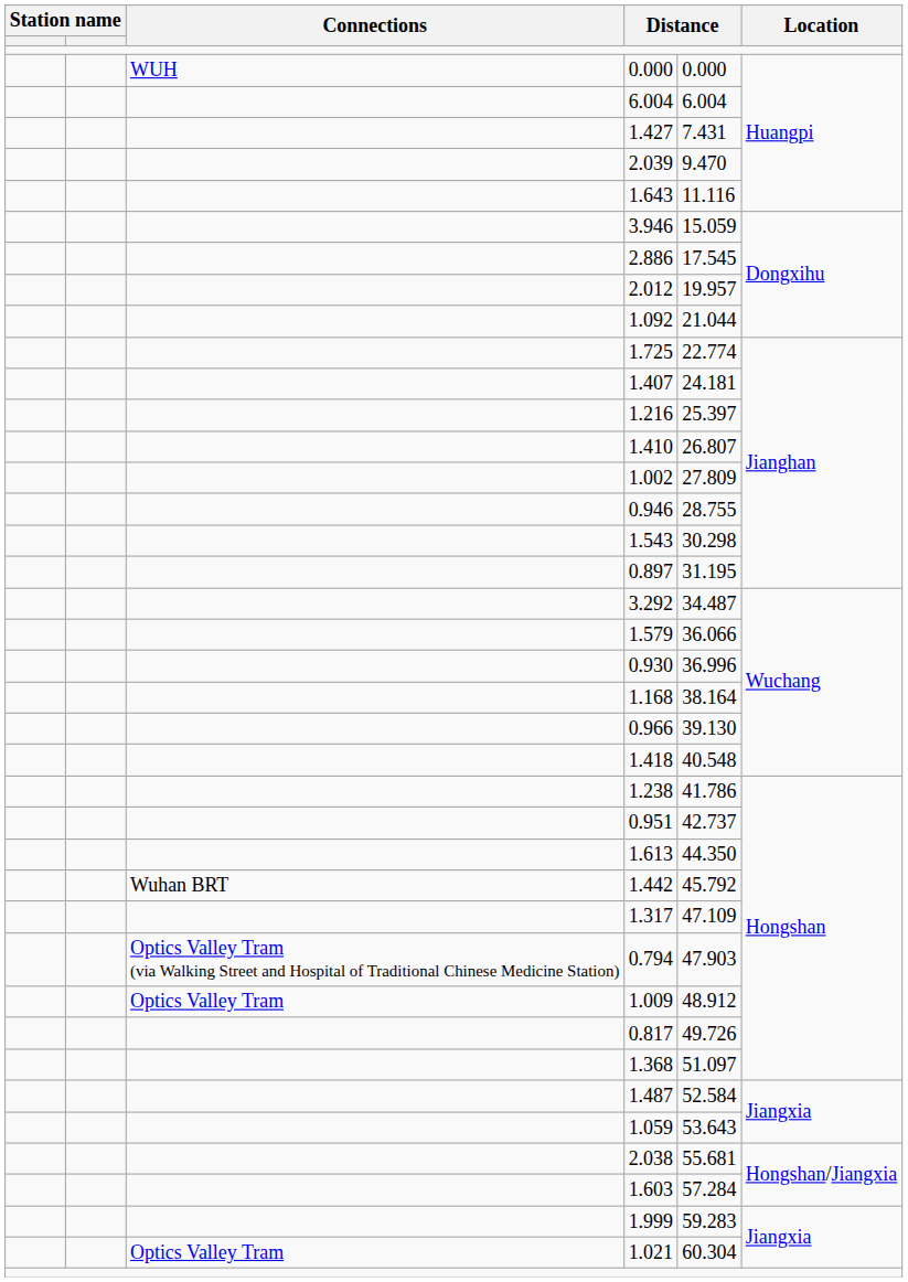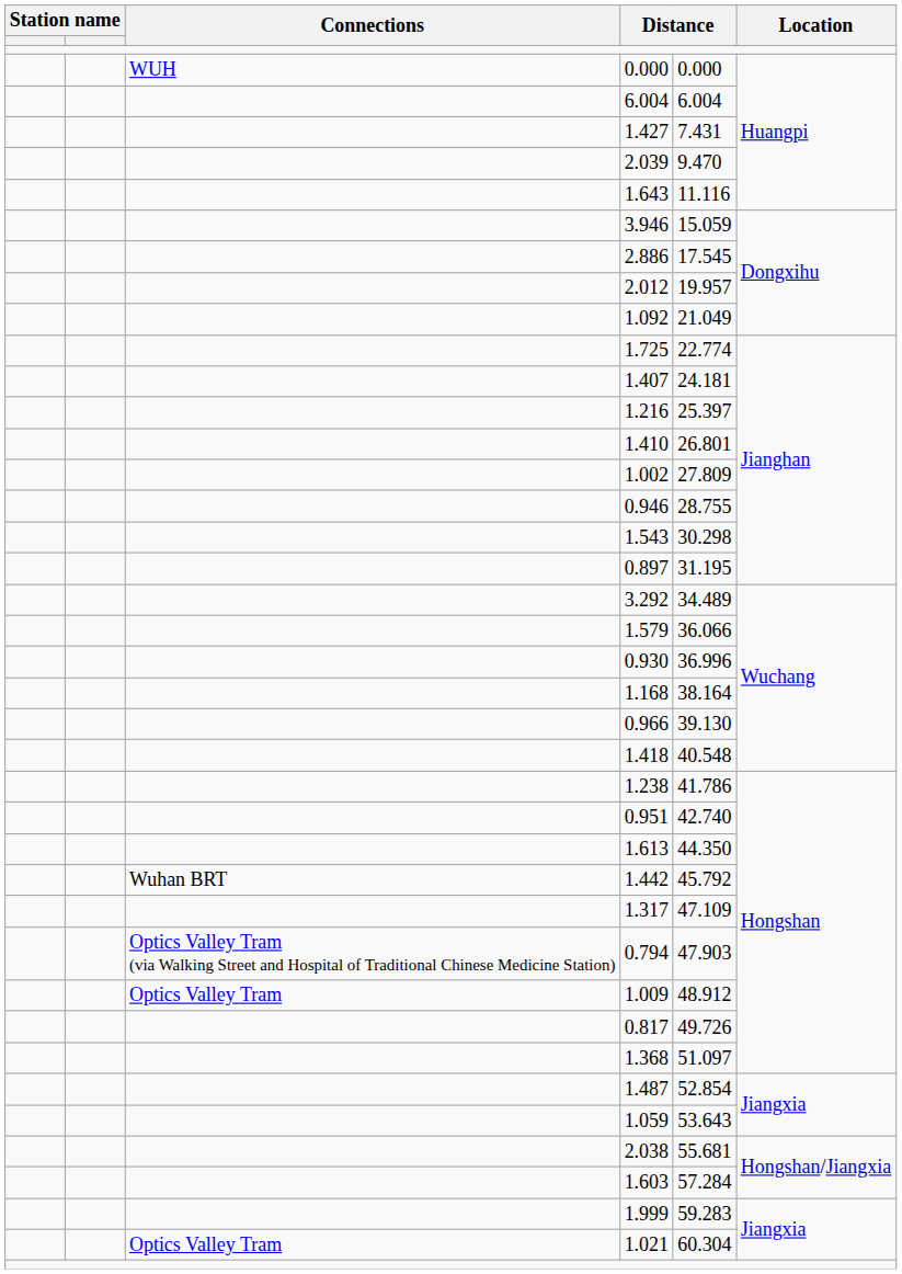 <table class="wikitable">
 <tr>
 <th colspan="2">Station name</th>
 <th rowspan="2">Connections</th>
 <th colspan="2" rowspan="2">Distance<br></th>
 <th rowspan="2">Location</th>
 </tr>
 <tr>
 <th></th>
 <th></th>
 </tr>
 <tr style="background:#">
 <td colspan = "6"></td>
 </tr>
 <tr>
 <td></td>
 <td></td>
 <td>  <a href='#'>WUH</a></td>
 <td>0.000</td>
 <td>0.000</td>
 <td rowspan="5"><a href='#'>Huangpi</a></td>
 </tr>
 <tr>
 <td></td>
 <td></td>
 <td></td>
 <td>6.004</td>
 <td>6.004</td>
 </tr>
 <tr>
 <td></td>
 <td></td>
 <td></td>
 <td>1.427</td>
 <td>7.431</td>
 </tr>
 <tr>
 <td></td>
 <td></td>
 <td></td>
 <td>2.039</td>
 <td>9.470</td>
 </tr>
 <tr>
 <td></td>
 <td></td>
 <td></td>
 <td>1.643</td>
 <td>11.116</td>
 </tr>
 <tr>
 <td></td>
 <td></td>
 <td> </td>
 <td>3.946</td>
 <td>15.059</td>
 <td rowspan="4"><a href='#'>Dongxihu</a></td>
 </tr>
 <tr>
 <td></td>
 <td></td>
 <td></td>
 <td>2.886</td>
 <td>17.545</td>
 </tr>
 <tr>
 <td></td>
 <td></td>
 <td></td>
 <td>2.012</td>
 <td>19.957</td>
 </tr>
 <tr>
 <td></td>
 <td></td>
 <td></td>
 <td>1.092</td>
-<td>21.044</td>
+<td>21.049</td>
 </tr>
 <tr>
 <td></td>
 <td></td>
 <td></td>
 <td>1.725</td>
 <td>22.774</td>
 <td rowspan="8"><a href='#'>Jianghan</a></td>
 </tr>
 <tr>
 <td></td>
 <td></td>
 <td>   </td>
 <td>1.407</td>
 <td>24.181</td>
 </tr>
 <tr>
 <td></td>
 <td></td>
 <td></td>
 <td>1.216</td>
 <td>25.397</td>
 </tr>
 <tr>
 <td></td>
 <td></td>
 <td></td>
 <td>1.410</td>
-<td>26.807</td>
+<td>26.801</td>
 </tr>
 <tr>
 <td></td>
 <td></td>
 <td></td>
 <td>1.002</td>
 <td>27.809</td>
 </tr>
 <tr>
 <td></td>
 <td></td>
 <td></td>
 <td>0.946</td>
 <td>28.755</td>
 </tr>
 <tr>
 <td></td>
 <td></td>
 <td></td>
 <td>1.543</td>
 <td>30.298</td>
 </tr>
 <tr>
 <td></td>
 <td></td>
 <td></td>
 <td>0.897</td>
 <td>31.195</td>
 </tr>
 <tr>
 <td></td>
 <td></td>
 <td></td>
 <td>3.292</td>
-<td>34.487</td>
+<td>34.489</td>
 <td rowspan="6"><a href='#'>Wuchang</a></td>
 </tr>
 <tr>
 <td></td>
 <td></td>
 <td></td>
 <td>1.579</td>
 <td>36.066</td>
 </tr>
 <tr>
 <td></td>
 <td></td>
 <td></td>
 <td>0.930</td>
 <td>36.996</td>
 </tr>
 <tr>
 <td></td>
 <td></td>
 <td></td>
 <td>1.168</td>
 <td>38.164</td>
 </tr>
 <tr>
 <td></td>
 <td></td>
 <td></td>
 <td>0.966</td>
 <td>39.130</td>
 </tr>
 <tr>
 <td></td>
 <td></td>
 <td></td>
 <td>1.418</td>
 <td>40.548</td>
 </tr>
 <tr>
 <td></td>
 <td></td>
 <td></td>
 <td>1.238</td>
 <td>41.786</td>
 <td rowspan="9"><a href='#'>Hongshan</a></td>
 </tr>
 <tr>
 <td></td>
 <td></td>
 <td></td>
 <td>0.951</td>
-<td>42.737</td>
+<td>42.740</td>
 </tr>
 <tr>
 <td></td>
 <td></td>
 <td></td>
 <td>1.613</td>
 <td>44.350</td>
 </tr>
 <tr>
 <td></td>
 <td></td>
 <td> Wuhan BRT</td>
 <td>1.442</td>
 <td>45.792</td>
 </tr>
 <tr>
 <td></td>
 <td></td>
 <td></td>
 <td>1.317</td>
 <td>47.109</td>
 </tr>
 <tr>
 <td></td>
 <td></td>
 <td> <a href='#'>Optics Valley Tram</a><br><small>(via Walking Street and Hospital of Traditional Chinese Medicine Station)</small></td>
 <td>0.794</td>
 <td>47.903</td>
 </tr>
 <tr>
 <td></td>
 <td></td>
 <td> <a href='#'>Optics Valley Tram</a></td>
 <td>1.009</td>
 <td>48.912</td>
 </tr>
 <tr>
 <td></td>
 <td></td>
 <td></td>
 <td>0.817</td>
 <td>49.726</td>
 </tr>
 <tr>
 <td></td>
 <td></td>
 <td></td>
 <td>1.368</td>
 <td>51.097</td>
 </tr>
 <tr>
 <td></td>
 <td></td>
 <td> </td>
 <td>1.487</td>
-<td>52.584</td>
+<td>52.854</td>
 <td rowspan="2"><a href='#'>Jiangxia</a></td>
 </tr>
 <tr>
 <td></td>
 <td></td>
 <td></td>
 <td>1.059</td>
 <td>53.643</td>
 </tr>
 <tr>
 <td></td>
 <td></td>
 <td></td>
 <td>2.038</td>
 <td>55.681</td>
 <td rowspan="2"><a href='#'>Hongshan</a>/<a href='#'>Jiangxia</a></td>
 </tr>
 <tr>
 <td></td>
 <td></td>
 <td></td>
 <td>1.603</td>
 <td>57.284</td>
 </tr>
 <tr>
 <td></td>
 <td></td>
 <td></td>
 <td>1.999</td>
 <td>59.283</td>
 <td rowspan="2"><a href='#'>Jiangxia</a></td>
 </tr>
 <tr>
 <td></td>
 <td></td>
 <td> <a href='#'>Optics Valley Tram</a></td>
 <td>1.021</td>
 <td>60.304</td>
 </tr>
 <tr style="background:#">
 <td colspan = "6"></td>
 </tr>
 </table>
